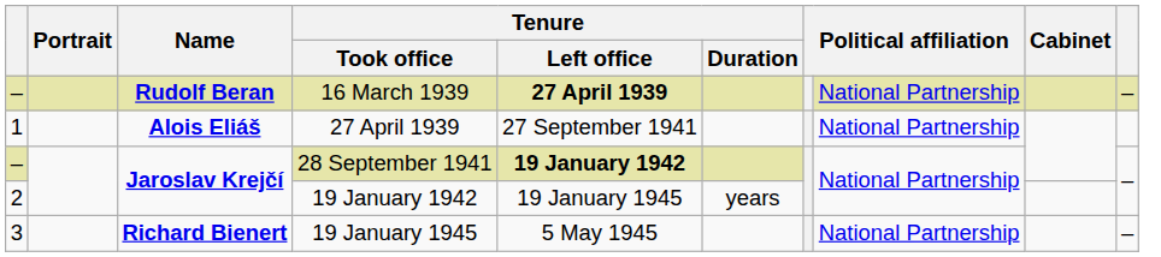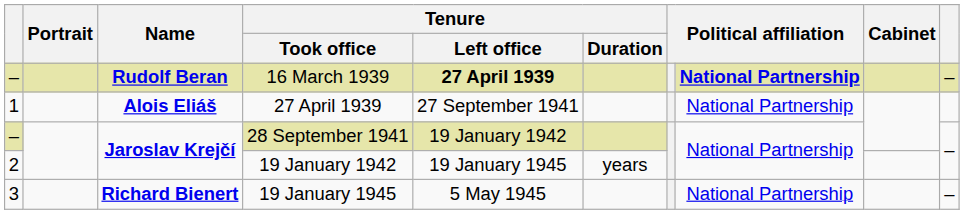 <table class="wikitable" style="text-align:center">
 <tr>
 <th rowspan=2></th>
 <th rowspan=2>Portrait</th>
 <th rowspan=2>Name<br></th>
 <th colspan=3>Tenure</th>
 <th rowspan=2 colspan=2>Political affiliation</th>
 <th rowspan=2>Cabinet</th>
 <th rowspan=2></th>
 </tr>
 <tr>
 <th>Took office</th>
 <th>Left office</th>
 <th>Duration</th>
 </tr>
 <tr style="background:#E6E6AA">
 <td>–</td>
 <td></td>
 <td><strong><a href='#'>Rudolf Beran</a></strong><br></td>
 <td>16 March 1939</td>
 <td><strong>27 April 1939</strong></td>
 <td></td>
 <th style="background:"></th>
-<td><a href='#'>National Partnership</a></td>
+<td><strong><a href='#'>National Partnership</a></strong></td>
 <td></td>
 <td>–</td>
 </tr>
 <tr>
 <td>1</td>
 <td></td>
 <td><strong><a href='#'>Alois Eliáš</a></strong><br></td>
 <td>27 April 1939</td>
 <td>27 September 1941</td>
 <td></td>
 <th style="background:"></th>
 <td><a href='#'>National Partnership</a></td>
 <td rowspan="2"></td>
 <td></td>
 </tr>
 <tr>
 <td style="background:#E6E6AA">–</td>
 <td rowspan="2"></td>
 <td rowspan="2"><strong><a href='#'>Jaroslav Krejčí</a></strong><br></td>
 <td style="background:#E6E6AA">28 September 1941</td>
-<td style="background:#E6E6AA"><strong>19 January 1942</strong></td>
+<td style="background:#E6E6AA">19 January 1942</td>
 <td style="background:#E6E6AA"></td>
 <th rowspan="2" style="background:"></th>
 <td rowspan="2"><a href='#'>National Partnership</a></td>
 <td rowspan="2">–</td>
 </tr>
 <tr>
 <td>2</td>
 <td>19 January 1942</td>
 <td>19 January 1945</td>
 <td> years</td>
 <td></td>
 </tr>
 <tr>
 <td>3</td>
 <td></td>
 <td><strong><a href='#'>Richard Bienert</a></strong><br></td>
 <td>19 January 1945</td>
 <td>5 May 1945</td>
 <td></td>
 <th style="background:"></th>
 <td><a href='#'>National Partnership</a></td>
 <td></td>
 <td>–</td>
 </tr>
 </table>
